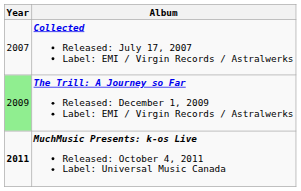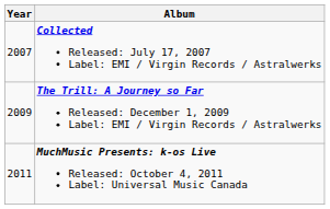 <table class="wikitable">
 <tr>
 <th>Year</th>
 <th>Album</th>
 </tr>
 <tr>
 <td>2007</td>
 <td><strong><em><a href='#'>Collected</a></em></strong><br><ul><li>Released: July 17, 2007</li><li>Label: EMI / Virgin Records / Astralwerks</li></ul></td>
 </tr>
 <tr>
-<td style="background: lightgreen;">2009</td>
+<td>2009</td>
 <td><strong><em><a href='#'>The Trill: A Journey so Far</a></em></strong><br><ul><li>Released: December 1, 2009</li><li>Label: EMI / Virgin Records / Astralwerks</li></ul></td>
 </tr>
 <tr>
-<td><strong>2011</strong></td>
+<td>2011</td>
 <td><strong><em>MuchMusic Presents: k-os Live</em></strong><br><ul><li>Released: October 4, 2011</li><li>Label: Universal Music Canada</li></ul></td>
 </tr>
 </table>
